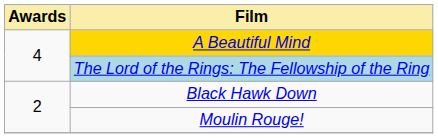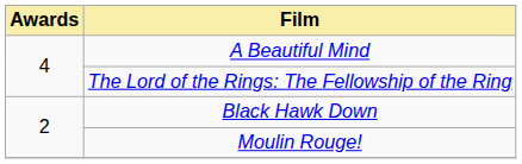 <table class="wikitable plainrowheaders" style="text-align: center;">
 <tr>
 <th style="background-color:#F9EFAA;">Awards</th>
 <th style="background-color:#F9EFAA;">Film</th>
 </tr>
 <tr>
 <td rowspan=2 style="text-align:center">4</td>
-<td style="background: gold;"><em><a href='#'>A Beautiful Mind</a></em></td>
+<td><em><a href='#'>A Beautiful Mind</a></em></td>
 </tr>
 <tr>
-<td style="background: lightblue;"><em><a href='#'>The Lord of the Rings: The Fellowship of the Ring</a></em></td>
+<td><em><a href='#'>The Lord of the Rings: The Fellowship of the Ring</a></em></td>
 </tr>
 <tr>
 <td rowspan=2 style="text-align:center">2</td>
 <td><em><a href='#'>Black Hawk Down</a></em></td>
 </tr>
 <tr>
 <td><em><a href='#'>Moulin Rouge!</a></em></td>
 </tr>
 <tr>
 </tr>
 </table>
